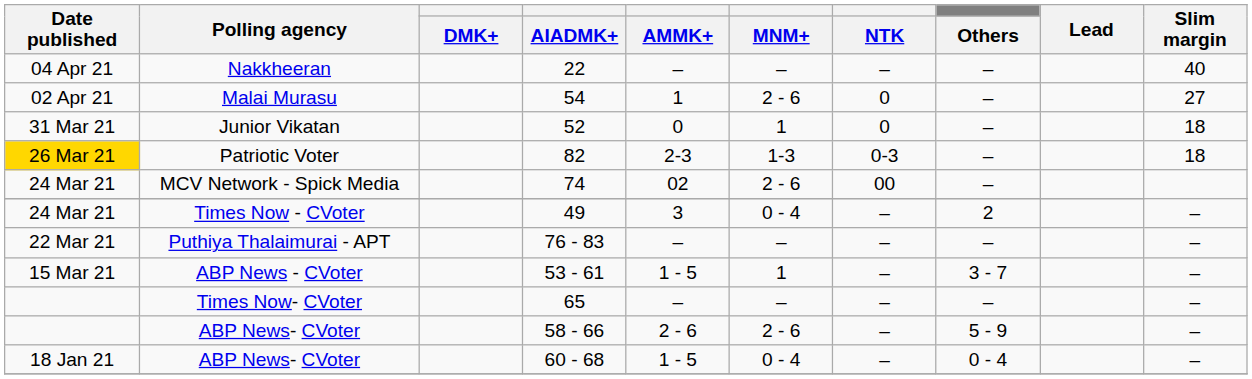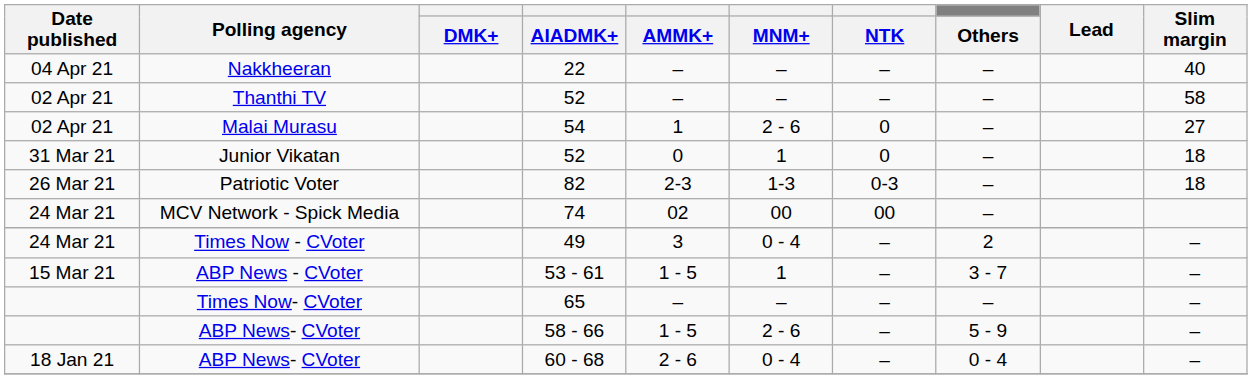 <table class="wikitable sortable" style="text-align:center;font-size:95%;line-height:16px">
 <tr>
 <th rowspan="2" width="100px">Date published</th>
 <th rowspan="2" width="215px">Polling agency</th>
 <th style="background:"></th>
 <th style="background:"></th>
 <th style="text-align:center; background:"></th>
 <th style="text-align:center; background:"></th>
 <th style="text-align:center; background:"></th>
 <td style="background:gray;"></td>
 <th rowspan="2" width="75px">Lead</th>
 <th rowspan="2" width="75px">Slim margin</th>
 </tr>
 <tr>
 <th style="width:75px;"><a href='#'>DMK+</a></th>
 <th style="width:75px;"><a href='#'>AIADMK+</a></th>
 <th style="width:75px;"><a href='#'>AMMK+</a></th>
 <th style="width:75px;"><a href='#'>MNM+</a></th>
 <th style="width:75px;"><a href='#'>NTK</a></th>
 <th style="width:75px;">Others</th>
 </tr>
 <tr>
 <td>04 Apr 21</td>
 <td><a href='#'>Nakkheeran</a></td>
 <td style="background:"><strong></strong></td>
 <td>22</td>
 <td>–</td>
 <td>–</td>
 <td>–</td>
 <td>–</td>
 <td style="background:"><strong></strong></td>
 <td>40</td>
 </tr>
 <tr>
 <td>02 Apr 21</td>
+<td><a href='#'>Thanthi TV</a></td>
+<td style="background:"><strong></strong></td>
+<td>52</td>
+<td>–</td>
+<td>–</td>
+<td>–</td>
+<td>–</td>
+<td style="background:"><strong></strong></td>
+<td>58</td>
+</tr>
+<tr>
+<td>02 Apr 21</td>
 <td><a href='#'>Malai Murasu</a></td>
 <td style="background:"><strong></strong></td>
 <td>54</td>
 <td>1</td>
 <td>2 - 6</td>
 <td>0</td>
 <td>–</td>
 <td style="background:"><strong></strong></td>
 <td>27</td>
 </tr>
 <tr>
 <td>31 Mar 21</td>
 <td>Junior Vikatan</td>
 <td style="background:"><strong></strong></td>
 <td>52</td>
 <td>0</td>
 <td>1</td>
 <td>0</td>
 <td>–</td>
 <td style="background:"><strong></strong></td>
 <td>18</td>
 </tr>
 <tr>
-<td style="background: gold;">26 Mar 21</td>
+<td>26 Mar 21</td>
 <td>Patriotic Voter</td>
 <td style="background:"><strong></strong></td>
 <td>82</td>
 <td>2-3</td>
 <td>1-3</td>
 <td>0-3</td>
 <td>–</td>
 <td style="background:"><strong></strong></td>
 <td>18</td>
 </tr>
 <tr>
 <td>24 Mar 21</td>
 <td>MCV Network - Spick Media</td>
 <td style="background:"><strong></strong></td>
 <td>74</td>
 <td>02</td>
-<td>2 - 6</td>
+<td>00</td>
 <td>00</td>
 <td>–</td>
 <td style="background:"><strong></strong></td>
 </tr>
 <tr>
 </tr>
 <tr>
 <td>24 Mar 21</td>
 <td><a href='#'>Times Now</a> - <a href='#'>CVoter</a></td>
 <td style="background:"><strong></strong></td>
 <td>49</td>
 <td>3</td>
 <td>0 - 4</td>
 <td>–</td>
 <td>2</td>
-<td style="background:"><strong></strong></td>
-<td>–</td>
-</tr>
-<tr>
-<td>22 Mar 21</td>
-<td><a href='#'>Puthiya Thalaimurai</a> - APT</td>
-<td style="background:"><strong></strong></td>
-<td>76 - 83</td>
-<td>–</td>
-<td>–</td>
-<td>–</td>
-<td>–</td>
 <td style="background:"><strong></strong></td>
 <td>–</td>
 </tr>
 <tr>
 <td>15 Mar 21</td>
 <td><a href='#'>ABP News</a> - <a href='#'>CVoter</a></td>
 <td style="background:"><strong></strong></td>
 <td>53 - 61</td>
 <td>1 - 5</td>
 <td>1</td>
 <td>–</td>
 <td>3 - 7</td>
 <td style="background:"><strong></strong></td>
 <td>–</td>
 </tr>
 <tr>
 <td></td>
 <td><a href='#'>Times Now</a>- <a href='#'>CVoter</a></td>
 <td style="background:"><strong></strong></td>
 <td>65</td>
 <td>–</td>
 <td>–</td>
 <td>–</td>
 <td>–</td>
 <td style="background:"><strong></strong></td>
 <td>–</td>
 </tr>
 <tr>
 <td></td>
 <td><a href='#'>ABP News</a>- <a href='#'>CVoter</a></td>
 <td style="background:"><strong></strong></td>
 <td>58 - 66</td>
-<td>2 - 6</td>
+<td>1 - 5</td>
 <td>2 - 6</td>
 <td>–</td>
 <td>5 - 9</td>
 <td style="background:"><strong></strong></td>
 <td>–</td>
 </tr>
 <tr>
 <td>18 Jan 21</td>
 <td><a href='#'>ABP News</a>- <a href='#'>CVoter</a></td>
 <td style="background:"><strong></strong></td>
 <td>60 - 68</td>
-<td>1 - 5</td>
+<td>2 - 6</td>
 <td>0 - 4</td>
 <td>–</td>
 <td>0 - 4</td>
 <td style="background:"><strong></strong></td>
 <td>–</td>
 </tr>
 <tr>
 </tr>
 </table>
